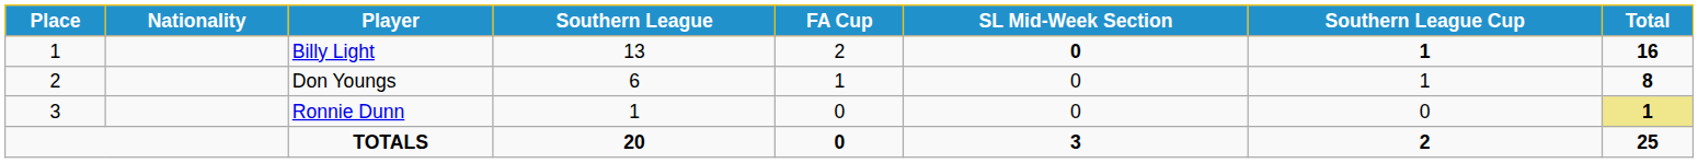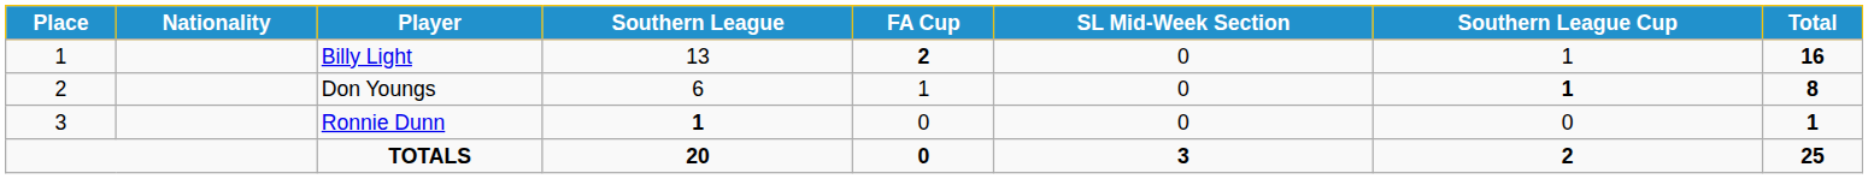 <table class="wikitable" style="text-align:center; font-size:90%; width:100%;">
 <tr>
 <th style="background:#2191CC; color:white; border:1px solid #F7C408; text-align:center;">Place</th>
 <th style="background:#2191CC; color:white; border:1px solid #F7C408; text-align:center;">Nationality</th>
 <th style="background:#2191CC; color:white; border:1px solid #F7C408; text-align:center;">Player</th>
 <th style="background:#2191CC; color:white; border:1px solid #F7C408; text-align:center;">Southern League</th>
 <th style="background:#2191CC; color:white; border:1px solid #F7C408; text-align:center;">FA Cup</th>
 <th style="background:#2191CC; color:white; border:1px solid #F7C408; text-align:center;">SL Mid-Week Section</th>
 <th style="background:#2191CC; color:white; border:1px solid #F7C408; text-align:center;">Southern League Cup</th>
 <th style="background:#2191CC; color:white; border:1px solid #F7C408; text-align:center;">Total</th>
 </tr>
 <tr>
 </tr>
 <tr>
 <td>1</td>
 <td></td>
 <td align="left"><a href='#'>Billy Light</a></td>
 <td>13</td>
-<td>2</td>
-<td><strong>0</strong></td>
-<td><strong>1</strong></td>
+<td><strong>2</strong></td>
+<td>0</td>
+<td>1</td>
 <td><strong>16</strong></td>
 </tr>
 <tr>
 <td>2</td>
 <td></td>
 <td align="left">Don Youngs</td>
 <td>6</td>
 <td>1</td>
 <td>0</td>
-<td>1</td>
+<td><strong>1</strong></td>
 <td><strong>8</strong></td>
 </tr>
 <tr>
 <td>3</td>
 <td></td>
 <td align="left"><a href='#'>Ronnie Dunn</a></td>
-<td>1</td>
+<td><strong>1</strong></td>
 <td>0</td>
 <td>0</td>
 <td>0</td>
-<td style="background: khaki;"><strong>1</strong></td>
+<td><strong>1</strong></td>
 </tr>
 <tr>
 <td colspan="2"></td>
 <td><strong>TOTALS</strong></td>
 <td><strong>20</strong></td>
 <td><strong>0</strong></td>
 <td><strong>3</strong></td>
 <td><strong>2</strong></td>
 <td><strong>25</strong></td>
 </tr>
 </table>
